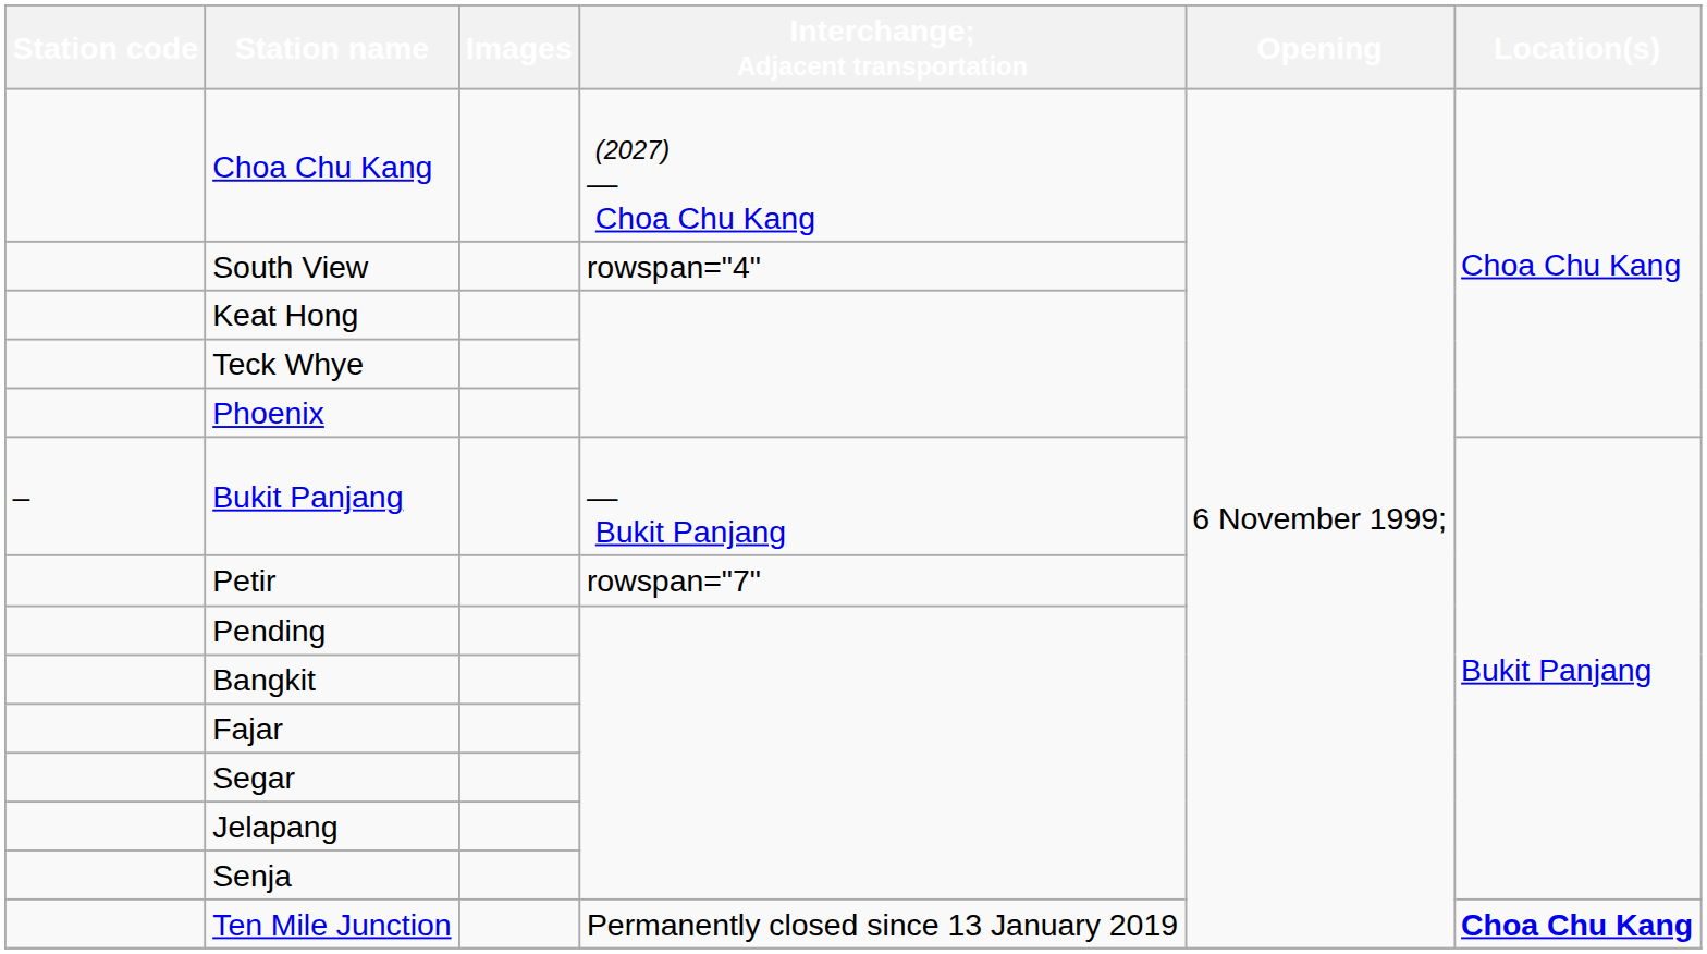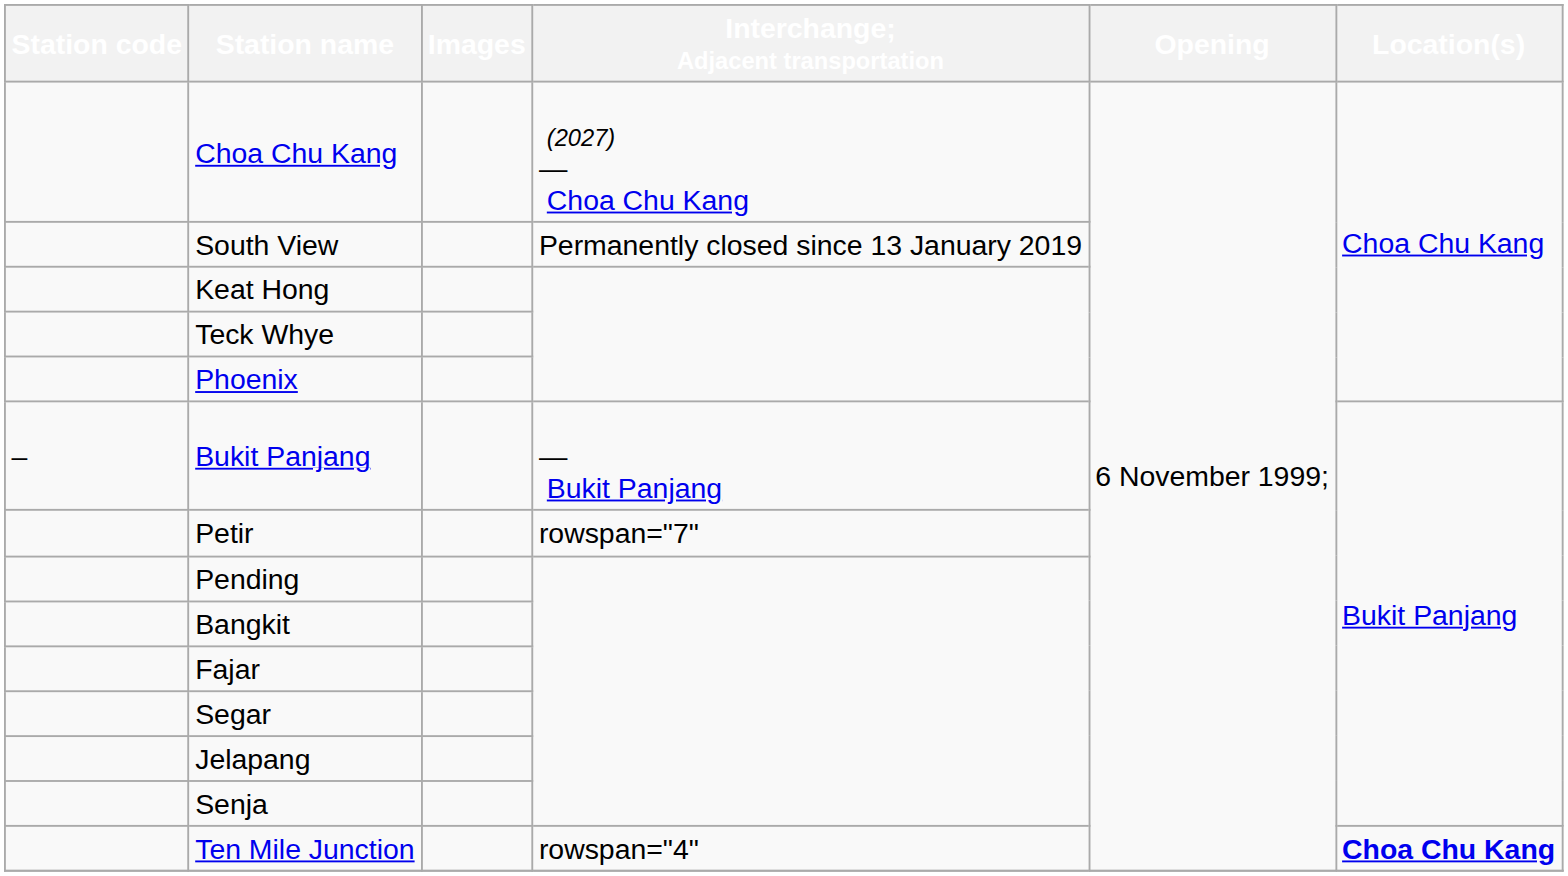 <table class="wikitable" style="color: black; border-collapse: collapse; font-size: 95%">
 <tr>
 <th scope="col" style="color: white; background:#">Station code</th>
 <th scope="col" style="color: white; background:#">Station name</th>
 <th scope="col" style="color: white; background:#">Images</th>
 <th scope="col" style="color: white; background:#">Interchange;<br><small>Adjacent transportation</small></th>
 <th scope="col" style="color: white; background:#">Opening</th>
 <th scope="col" style="color: white; background:#">Location(s)</th>
 </tr>
 <tr>
 <td></td>
 <td><a href='#'>Choa Chu Kang</a></td>
 <td></td>
 <td><br> <small><em>(2027)</em></small><br>―<br> <a href='#'>Choa Chu Kang</a></td>
 <td rowspan="14" align=center>6 November 1999;<br></td>
 <td rowspan="5"><a href='#'>Choa Chu Kang</a></td>
 </tr>
 <tr>
 <td><br></td>
 <td>South View</td>
 <td></td>
-<td>rowspan="4" </td>
+<td>Permanently closed since 13 January 2019</td>
 </tr>
 <tr>
 <td><br></td>
 <td>Keat Hong</td>
 <td></td>
 </tr>
 <tr>
 <td><br></td>
 <td>Teck Whye</td>
 <td></td>
 </tr>
 <tr>
 <td><br></td>
 <td><a href='#'>Phoenix</a></td>
 <td></td>
 </tr>
 <tr>
 <td>–</td>
 <td><a href='#'>Bukit Panjang</a></td>
 <td></td>
 <td> <br> ― <br> <a href='#'>Bukit Panjang</a></td>
 <td rowspan="8"><a href='#'>Bukit Panjang</a></td>
 </tr>
 <tr>
 <td></td>
 <td>Petir</td>
 <td></td>
 <td>rowspan="7" </td>
 </tr>
 <tr>
 <td></td>
 <td>Pending</td>
 <td></td>
 </tr>
 <tr>
 <td></td>
 <td>Bangkit</td>
 <td></td>
 </tr>
 <tr>
 <td></td>
 <td>Fajar</td>
 <td></td>
 </tr>
 <tr>
 <td></td>
 <td>Segar</td>
 <td></td>
 </tr>
 <tr>
 <td></td>
 <td>Jelapang</td>
 <td></td>
 </tr>
 <tr>
 <td></td>
 <td>Senja</td>
 <td></td>
 </tr>
 <tr>
 <td></td>
 <td><a href='#'>Ten Mile Junction</a></td>
 <td></td>
-<td>Permanently closed since 13 January 2019</td>
+<td>rowspan="4" </td>
 <td><strong><a href='#'>Choa Chu Kang</a></strong></td>
 </tr>
 <tr>
 </tr>
 </table>
